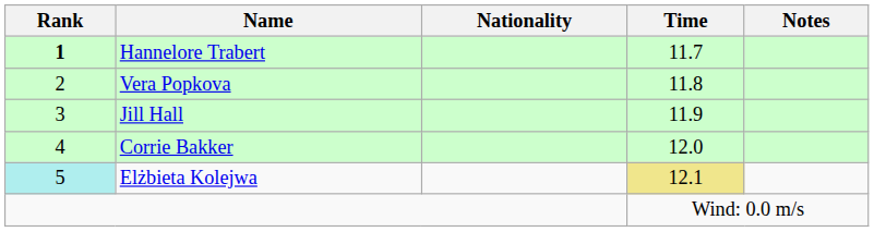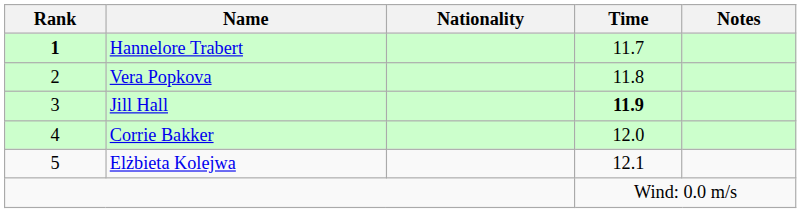 <table class="wikitable sortable" style="text-align:center;width: 55%">
 <tr>
 <th>Rank</th>
 <th>Name</th>
 <th>Nationality</th>
 <th>Time</th>
 <th>Notes</th>
 </tr>
 <tr bgcolor=ccffcc>
 <td><strong>1</strong></td>
 <td align=left><a href='#'>Hannelore Trabert</a></td>
 <td align=left></td>
 <td>11.7</td>
 <td></td>
 </tr>
 <tr bgcolor=ccffcc>
 <td>2</td>
 <td align=left><a href='#'>Vera Popkova</a></td>
 <td align=left></td>
 <td>11.8</td>
 <td></td>
 </tr>
 <tr bgcolor=ccffcc>
 <td>3</td>
 <td align=left><a href='#'>Jill Hall</a></td>
 <td align=left></td>
-<td>11.9</td>
+<td><strong>11.9</strong></td>
 <td></td>
 </tr>
 <tr bgcolor=ccffcc>
 <td>4</td>
 <td align=left><a href='#'>Corrie Bakker</a></td>
 <td align=left></td>
 <td>12.0</td>
 <td></td>
 </tr>
 <tr>
-<td style="background: paleturquoise;">5</td>
+<td>5</td>
 <td align=left><a href='#'>Elżbieta Kolejwa</a></td>
 <td align=left></td>
-<td style="background: khaki;">12.1</td>
+<td>12.1</td>
 <td></td>
 </tr>
 <tr>
 <td colspan="3"></td>
 <td colspan="2">Wind: 0.0 m/s</td>
 </tr>
 </table>
